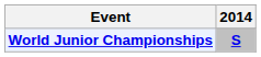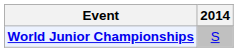 <table class="wikitable" style="font-size: 90%; text-align:center">
 <tr>
 <th>Event</th>
 <th>2014</th>
 </tr>
 <tr>
 <td bgcolor="#ECF2FF"; align="left"><strong><a href='#'>World Junior Championships</a></strong></td>
-<td bgcolor=silver><strong><a href='#'>S</a></strong></td>
+<td bgcolor=silver><a href='#'>S</a></td>
 </tr>
 </table>
